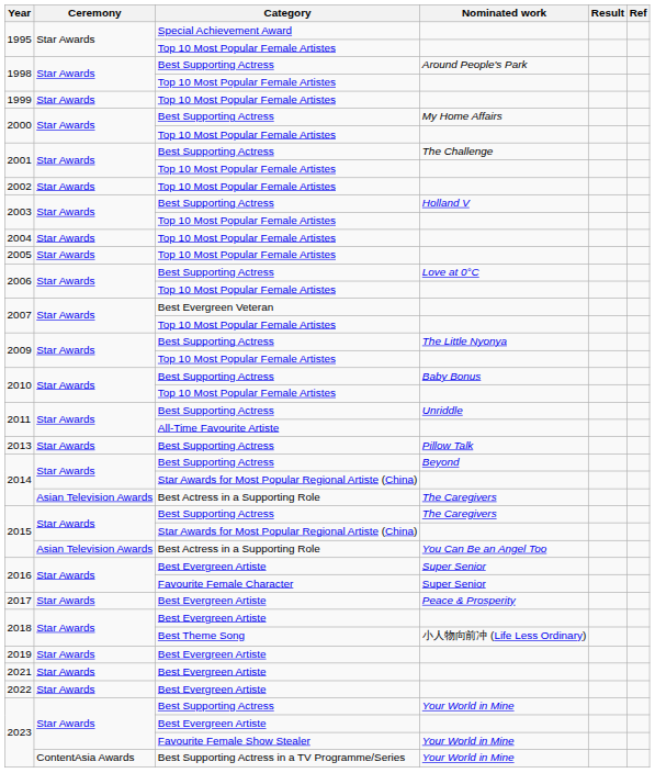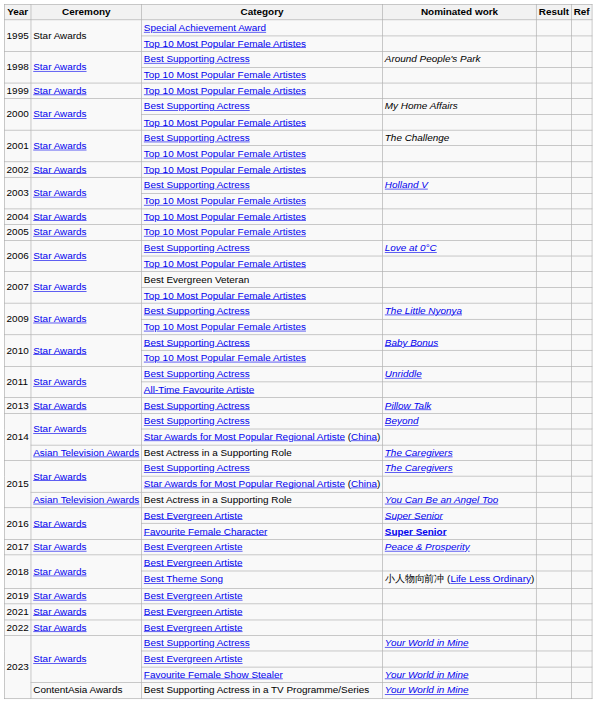 <table class="wikitable sortable">
 <tr>
 <th>Year</th>
 <th>Ceremony</th>
 <th>Category</th>
 <th>Nominated work</th>
 <th>Result</th>
 <th>Ref</th>
 </tr>
 <tr>
 <td rowspan="2">1995</td>
 <td rowspan="2">Star Awards</td>
 <td><a href='#'>Special Achievement Award</a></td>
 <td></td>
 <td></td>
 <td></td>
 </tr>
 <tr>
 <td><a href='#'>Top 10 Most Popular Female Artistes</a></td>
 <td></td>
 <td></td>
 <td></td>
 </tr>
 <tr>
 <td rowspan="2">1998</td>
 <td rowspan="2"><a href='#'>Star Awards</a></td>
 <td><a href='#'>Best Supporting Actress</a></td>
 <td><em>Around People's Park</em> </td>
 <td></td>
 <td></td>
 </tr>
 <tr>
 <td><a href='#'>Top 10 Most Popular Female Artistes</a></td>
 <td></td>
 <td></td>
 <td></td>
 </tr>
 <tr>
 <td>1999</td>
 <td><a href='#'>Star Awards</a></td>
 <td><a href='#'>Top 10 Most Popular Female Artistes</a></td>
 <td></td>
 <td></td>
 <td></td>
 </tr>
 <tr>
 <td rowspan="2">2000</td>
 <td rowspan="2"><a href='#'>Star Awards</a></td>
 <td><a href='#'>Best Supporting Actress</a></td>
 <td><em>My Home Affairs</em> </td>
 <td></td>
 <td></td>
 </tr>
 <tr>
 <td><a href='#'>Top 10 Most Popular Female Artistes</a></td>
 <td></td>
 <td></td>
 <td></td>
 </tr>
 <tr>
 <td rowspan="2">2001</td>
 <td rowspan="2"><a href='#'>Star Awards</a></td>
 <td><a href='#'>Best Supporting Actress</a></td>
 <td><em>The Challenge</em> </td>
 <td></td>
 <td></td>
 </tr>
 <tr>
 <td><a href='#'>Top 10 Most Popular Female Artistes</a></td>
 <td></td>
 <td></td>
 <td></td>
 </tr>
 <tr>
 <td>2002</td>
 <td><a href='#'>Star Awards</a></td>
 <td><a href='#'>Top 10 Most Popular Female Artistes</a></td>
 <td></td>
 <td></td>
 <td></td>
 </tr>
 <tr>
 <td rowspan="2">2003</td>
 <td rowspan="2"><a href='#'>Star Awards</a></td>
 <td><a href='#'>Best Supporting Actress</a></td>
 <td><em><a href='#'>Holland V</a></em> </td>
 <td></td>
 <td></td>
 </tr>
 <tr>
 <td><a href='#'>Top 10 Most Popular Female Artistes</a></td>
 <td></td>
 <td></td>
 <td></td>
 </tr>
 <tr>
 <td>2004</td>
 <td><a href='#'>Star Awards</a></td>
 <td><a href='#'>Top 10 Most Popular Female Artistes</a></td>
 <td></td>
 <td></td>
 <td></td>
 </tr>
 <tr>
 <td>2005</td>
 <td><a href='#'>Star Awards</a></td>
 <td><a href='#'>Top 10 Most Popular Female Artistes</a></td>
 <td></td>
 <td></td>
 <td></td>
 </tr>
 <tr>
 <td rowspan="2">2006</td>
 <td rowspan="2"><a href='#'>Star Awards</a></td>
 <td><a href='#'>Best Supporting Actress</a></td>
 <td><em><a href='#'>Love at 0°C</a></em> </td>
 <td></td>
 <td></td>
 </tr>
 <tr>
 <td><a href='#'>Top 10 Most Popular Female Artistes</a></td>
 <td></td>
 <td></td>
 <td></td>
 </tr>
 <tr>
 <td rowspan="2">2007</td>
 <td rowspan="2"><a href='#'>Star Awards</a></td>
 <td>Best Evergreen Veteran</td>
 <td></td>
 <td></td>
 <td></td>
 </tr>
 <tr>
 <td><a href='#'>Top 10 Most Popular Female Artistes</a></td>
 <td></td>
 <td></td>
 <td></td>
 </tr>
 <tr>
 <td rowspan="2">2009</td>
 <td rowspan="2"><a href='#'>Star Awards</a></td>
 <td><a href='#'>Best Supporting Actress</a></td>
 <td><em><a href='#'>The Little Nyonya</a></em> </td>
 <td></td>
 <td></td>
 </tr>
 <tr>
 <td><a href='#'>Top 10 Most Popular Female Artistes</a></td>
 <td></td>
 <td></td>
 <td></td>
 </tr>
 <tr>
 <td rowspan="2">2010</td>
 <td rowspan="2"><a href='#'>Star Awards</a></td>
 <td><a href='#'>Best Supporting Actress</a></td>
 <td><em><a href='#'>Baby Bonus</a></em> </td>
 <td></td>
 <td></td>
 </tr>
 <tr>
 <td><a href='#'>Top 10 Most Popular Female Artistes</a></td>
 <td></td>
 <td></td>
 <td></td>
 </tr>
 <tr>
 <td rowspan="2">2011</td>
 <td rowspan="2"><a href='#'>Star Awards</a></td>
 <td><a href='#'>Best Supporting Actress</a></td>
 <td><em><a href='#'>Unriddle</a></em> </td>
 <td></td>
 <td></td>
 </tr>
 <tr>
 <td><a href='#'>All-Time Favourite Artiste</a></td>
 <td></td>
 <td></td>
 <td></td>
 </tr>
 <tr>
 <td>2013</td>
 <td><a href='#'>Star Awards</a></td>
 <td><a href='#'>Best Supporting Actress</a></td>
 <td><em><a href='#'>Pillow Talk</a></em> </td>
 <td></td>
 <td></td>
 </tr>
 <tr>
 <td rowspan="3">2014</td>
 <td rowspan="2"><a href='#'>Star Awards</a></td>
 <td><a href='#'>Best Supporting Actress</a></td>
 <td><em><a href='#'>Beyond</a></em> </td>
 <td></td>
 <td></td>
 </tr>
 <tr>
 <td><a href='#'>Star Awards for Most Popular Regional Artiste</a> (<a href='#'>China</a>)</td>
 <td></td>
 <td></td>
 <td></td>
 </tr>
 <tr>
 <td><a href='#'>Asian Television Awards</a></td>
 <td>Best Actress in a Supporting Role</td>
 <td><em><a href='#'>The Caregivers</a></em> </td>
 <td></td>
 <td></td>
 </tr>
 <tr>
 <td rowspan="3">2015</td>
 <td rowspan="2"><a href='#'>Star Awards</a></td>
 <td><a href='#'>Best Supporting Actress</a></td>
 <td><em><a href='#'>The Caregivers</a></em> </td>
 <td></td>
 <td></td>
 </tr>
 <tr>
 <td><a href='#'>Star Awards for Most Popular Regional Artiste</a> (<a href='#'>China</a>)</td>
 <td></td>
 <td></td>
 <td></td>
 </tr>
 <tr>
 <td><a href='#'>Asian Television Awards</a></td>
 <td>Best Actress in a Supporting Role</td>
 <td><em><a href='#'>You Can Be an Angel Too</a></em> </td>
 <td></td>
 <td></td>
 </tr>
 <tr>
 <td rowspan="2">2016</td>
 <td rowspan="2"><a href='#'>Star Awards</a></td>
 <td><a href='#'>Best Evergreen Artiste</a></td>
 <td><em><a href='#'>Super Senior</a></em> </td>
 <td></td>
 <td></td>
 </tr>
 <tr>
 <td><a href='#'>Favourite Female Character</a></td>
-<td><a href='#'>Super Senior</a> </td>
+<td><strong><a href='#'>Super Senior</a> </strong></td>
 <td></td>
 <td></td>
 </tr>
 <tr>
 <td>2017</td>
 <td><a href='#'>Star Awards</a></td>
 <td><a href='#'>Best Evergreen Artiste</a></td>
 <td><em><a href='#'>Peace & Prosperity</a></em> </td>
 <td></td>
 <td></td>
 </tr>
 <tr>
 <td rowspan="2">2018</td>
 <td rowspan="2"><a href='#'>Star Awards</a></td>
 <td><a href='#'>Best Evergreen Artiste</a></td>
 <td></td>
 <td></td>
 <td></td>
 </tr>
 <tr>
 <td><a href='#'>Best Theme Song</a></td>
 <td>小人物向前冲 (<a href='#'>Life Less Ordinary</a>)</td>
 <td></td>
 <td></td>
 </tr>
 <tr>
 <td>2019</td>
 <td><a href='#'>Star Awards</a></td>
 <td><a href='#'>Best Evergreen Artiste</a></td>
 <td></td>
 <td></td>
 <td></td>
 </tr>
 <tr>
 <td>2021</td>
 <td><a href='#'>Star Awards</a></td>
 <td><a href='#'>Best Evergreen Artiste</a></td>
 <td></td>
 <td></td>
 <td></td>
 </tr>
 <tr>
 <td>2022</td>
 <td><a href='#'>Star Awards</a></td>
 <td><a href='#'>Best Evergreen Artiste</a></td>
 <td></td>
 <td></td>
 <td></td>
 </tr>
 <tr>
 <td rowspan="4">2023</td>
 <td rowspan="3"><a href='#'>Star Awards</a></td>
 <td><a href='#'>Best Supporting Actress</a></td>
 <td><em><a href='#'>Your World in Mine</a></em> </td>
 <td></td>
 <td></td>
 </tr>
 <tr>
 <td><a href='#'>Best Evergreen Artiste</a></td>
 <td></td>
 <td></td>
 <td></td>
 </tr>
 <tr>
 <td><a href='#'>Favourite Female Show Stealer</a></td>
 <td><em><a href='#'>Your World in Mine</a></em> </td>
 <td></td>
 <td></td>
 </tr>
 <tr>
 <td>ContentAsia Awards</td>
 <td>Best Supporting Actress in a TV Programme/Series</td>
 <td><em><a href='#'>Your World in Mine</a></em> </td>
 <td></td>
 <td></td>
 </tr>
 </table>
